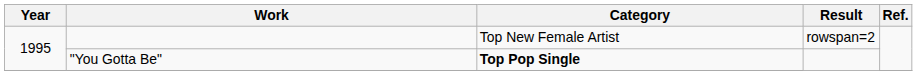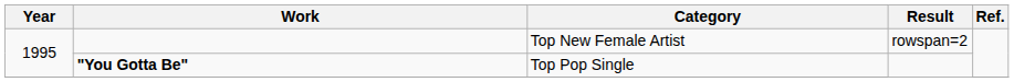 <table class="wikitable sortable">
 <tr>
 <th scope="col" style="width:4em;">Year</th>
 <th scope="col" style="width:29em;">Work</th>
 <th scope="col" style="width:23em;">Category</th>
 <th scope="col" style="width:5em;">Result</th>
 <th class=unsortable>Ref.</th>
 </tr>
 <tr>
 <td rowspan="2" style="text-align:center;">1995</td>
 <td></td>
 <td>Top New Female Artist</td>
 <td>rowspan=2 </td>
 <td rowspan="2" style="text-align:center;"></td>
 </tr>
 <tr>
-<td>"You Gotta Be"</td>
-<td><strong>Top Pop Single</strong></td>
+<td><strong>"You Gotta Be"</strong></td>
+<td>Top Pop Single</td>
 </tr>
 <tr>
 </tr>
 </table>
